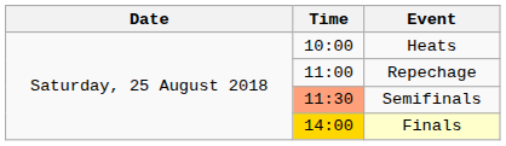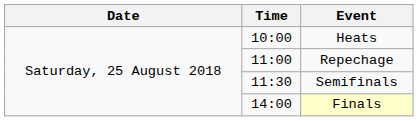 <table class = "wikitable" style="text-align:center;">
 <tr>
 <th width=220>Date</th>
 <th width=50>Time</th>
 <th width=100>Event</th>
 </tr>
 <tr>
 <td rowspan="4">Saturday, 25 August 2018</td>
 <td>10:00</td>
 <td>Heats</td>
 </tr>
 <tr>
 <td>11:00</td>
 <td>Repechage</td>
 </tr>
 <tr>
-<td style="background: lightsalmon;">11:30</td>
+<td>11:30</td>
 <td>Semifinals</td>
 </tr>
 <tr>
-<td style="background: gold;">14:00</td>
+<td>14:00</td>
 <td bgcolor=ffffcc>Finals</td>
 </tr>
 </table>
